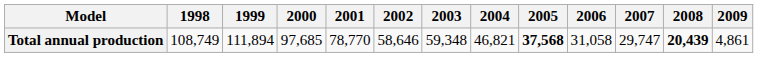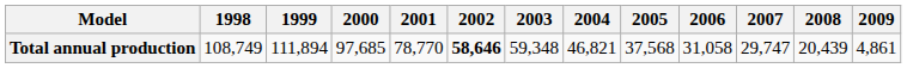 <table class="wikitable" style="text-align:center">
 <tr>
 <th>Model</th>
 <th>1998</th>
 <th>1999</th>
 <th>2000</th>
 <th>2001</th>
 <th>2002</th>
 <th>2003</th>
 <th>2004</th>
 <th>2005</th>
 <th>2006</th>
 <th>2007</th>
 <th>2008</th>
 <th>2009</th>
 </tr>
 <tr>
 <th>Total annual production</th>
 <td>108,749</td>
 <td>111,894</td>
 <td>97,685</td>
 <td>78,770</td>
-<td>58,646</td>
+<td><strong>58,646</strong></td>
 <td>59,348</td>
 <td>46,821</td>
-<td><strong>37,568</strong></td>
+<td>37,568</td>
 <td>31,058</td>
 <td>29,747</td>
-<td><strong>20,439</strong></td>
+<td>20,439</td>
 <td>4,861</td>
 </tr>
 </table>
